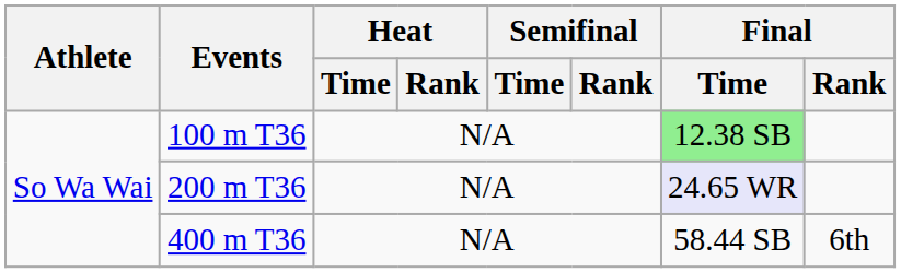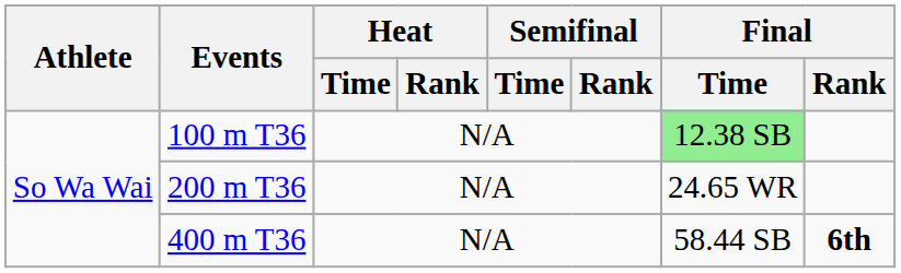 <table class=wikitable style="font-size:90%">
 <tr>
 <th rowspan="2">Athlete</th>
 <th rowspan="2">Events</th>
 <th colspan="2">Heat</th>
 <th colspan="2">Semifinal</th>
 <th colspan="2">Final</th>
 </tr>
 <tr>
 <th>Time</th>
 <th>Rank</th>
 <th>Time</th>
 <th>Rank</th>
 <th>Time</th>
 <th>Rank</th>
 </tr>
 <tr>
 <td rowspan="3"><a href='#'>So Wa Wai</a></td>
 <td><a href='#'>100 m T36</a></td>
 <td align="center" colspan="4">N/A</td>
 <td align="center" style="background: lightgreen;">12.38 SB</td>
 <td align="center"></td>
 </tr>
 <tr>
 <td><a href='#'>200 m T36</a></td>
 <td align="center" colspan="4">N/A</td>
-<td align="center" style="background: lavender;">24.65 WR</td>
+<td align="center">24.65 WR</td>
 <td align="center"></td>
 </tr>
 <tr>
 <td><a href='#'>400 m T36</a></td>
 <td align="center" colspan="4">N/A</td>
 <td align="center">58.44 SB</td>
-<td align="center">6th</td>
+<td align="center"><strong>6th</strong></td>
 </tr>
 </table>
